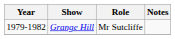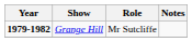 <table class="wikitable" style="font-size: 90%;">
 <tr>
 <th>Year</th>
 <th>Show</th>
 <th>Role</th>
 <th>Notes</th>
 </tr>
 <tr>
-<td rowspan="1">1979-1982</td>
+<td rowspan="1"><strong>1979-1982</strong></td>
 <td><em><a href='#'>Grange Hill</a></em></td>
 <td>Mr Sutcliffe</td>
 <td></td>
 </tr>
 <tr>
 </tr>
 </table>
